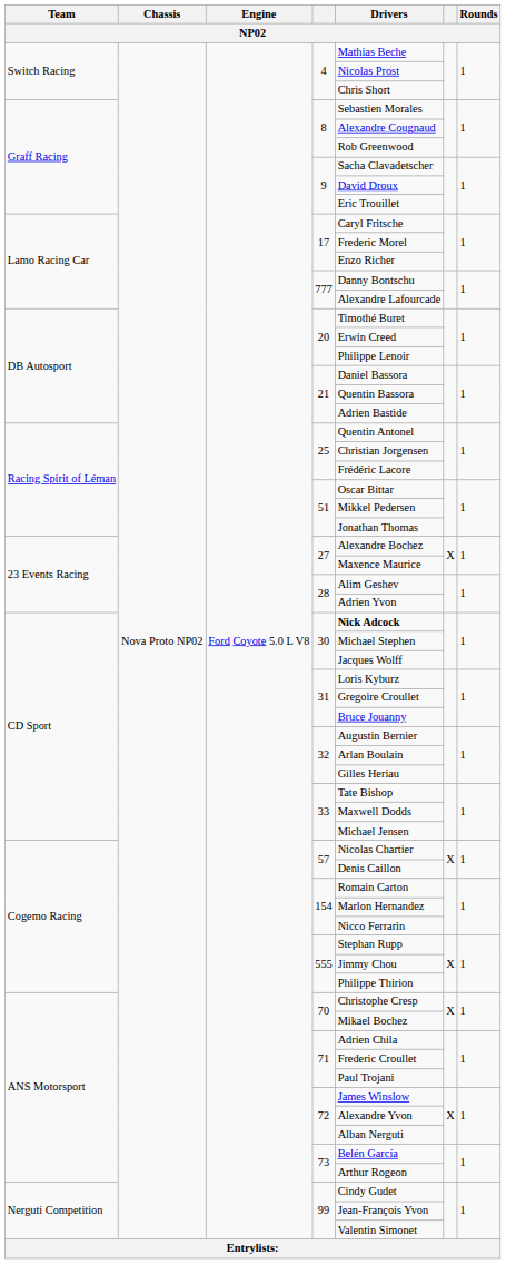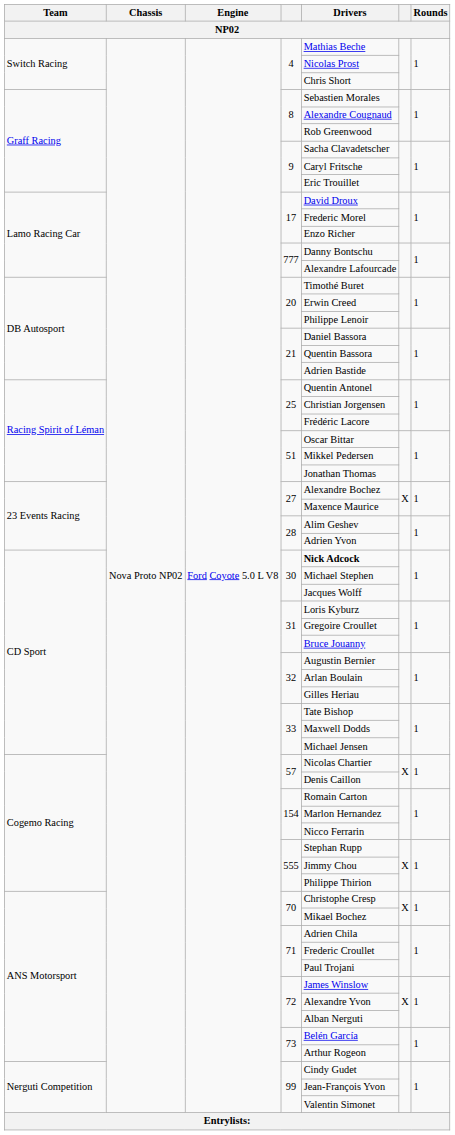 <table class="wikitable" style="font-size: 85%;">
 <tr>
 <th>Team</th>
 <th>Chassis</th>
 <th>Engine</th>
 <th></th>
 <th>Drivers</th>
 <th></th>
 <th>Rounds</th>
 </tr>
 <tr>
 <th colspan=7>NP02</th>
 </tr>
 <tr>
 <td rowspan=3> Switch Racing</td>
 <td rowspan=63>Nova Proto NP02</td>
 <td rowspan=63><a href='#'>Ford</a> <a href='#'>Coyote</a> 5.0 L V8</td>
 <td rowspan=3 align=center>4</td>
 <td> <a href='#'>Mathias Beche</a></td>
 <td rowspan=3></td>
 <td rowspan=3>1</td>
 </tr>
 <tr>
 <td> <a href='#'>Nicolas Prost</a></td>
 </tr>
 <tr>
 <td> Chris Short</td>
 </tr>
 <tr>
 <td rowspan=6> <a href='#'>Graff Racing</a></td>
 <td rowspan=3 align=center>8</td>
 <td> Sebastien Morales</td>
 <td rowspan=3></td>
 <td rowspan=3>1</td>
 </tr>
 <tr>
 <td> <a href='#'>Alexandre Cougnaud</a></td>
 </tr>
 <tr>
 <td> Rob Greenwood</td>
 </tr>
 <tr>
 <td rowspan=3 align=center>9</td>
 <td> Sacha Clavadetscher</td>
 <td rowspan=3></td>
 <td rowspan=3>1</td>
 </tr>
 <tr>
-<td> <a href='#'>David Droux</a></td>
+<td> Caryl Fritsche</td>
 </tr>
 <tr>
 <td> Eric Trouillet</td>
 </tr>
 <tr>
 <td rowspan=5> Lamo Racing Car</td>
 <td rowspan=3 align=center>17</td>
-<td> Caryl Fritsche</td>
+<td> <a href='#'>David Droux</a></td>
 <td rowspan=3></td>
 <td rowspan=3>1</td>
 </tr>
 <tr>
 <td> Frederic Morel</td>
 </tr>
 <tr>
 <td> Enzo Richer</td>
 </tr>
 <tr>
 <td rowspan=2 align=center>777</td>
 <td> Danny Bontschu</td>
 <td rowspan=2></td>
 <td rowspan=2>1</td>
 </tr>
 <tr>
 <td> Alexandre Lafourcade</td>
 </tr>
 <tr>
 <td rowspan=6> DB Autosport</td>
 <td rowspan=3 align=center>20</td>
 <td> Timothé Buret</td>
 <td rowspan=3></td>
 <td rowspan=3>1</td>
 </tr>
 <tr>
 <td> Erwin Creed</td>
 </tr>
 <tr>
 <td> Philippe Lenoir</td>
 </tr>
 <tr>
 <td rowspan=3 align=center>21</td>
 <td> Daniel Bassora</td>
 <td rowspan=3></td>
 <td rowspan=3>1</td>
 </tr>
 <tr>
 <td> Quentin Bassora</td>
 </tr>
 <tr>
 <td> Adrien Bastide</td>
 </tr>
 <tr>
 <td rowspan=6> <a href='#'>Racing Spirit of Léman</a></td>
 <td rowspan=3 align=center>25</td>
 <td> Quentin Antonel</td>
 <td rowspan=3></td>
 <td rowspan=3>1</td>
 </tr>
 <tr>
 <td> Christian Jorgensen</td>
 </tr>
 <tr>
 <td> Frédéric Lacore</td>
 </tr>
 <tr>
 <td rowspan=3 align=center>51</td>
 <td> Oscar Bittar</td>
 <td rowspan=3></td>
 <td rowspan=3>1</td>
 </tr>
 <tr>
 <td> Mikkel Pedersen</td>
 </tr>
 <tr>
 <td> Jonathan Thomas</td>
 </tr>
 <tr>
 <td rowspan=4> 23 Events Racing</td>
 <td rowspan=2 align=center>27</td>
 <td> Alexandre Bochez</td>
 <td rowspan=2 align=center>X</td>
 <td rowspan=2>1</td>
 </tr>
 <tr>
 <td> Maxence Maurice</td>
 </tr>
 <tr>
 <td rowspan=2 align=center>28</td>
 <td> Alim Geshev</td>
 <td rowspan=2></td>
 <td rowspan=2>1</td>
 </tr>
 <tr>
 <td> Adrien Yvon</td>
 </tr>
 <tr>
 <td rowspan=12> CD Sport</td>
 <td rowspan=3 align=center>30</td>
 <td><strong> Nick Adcock</strong></td>
 <td rowspan=3></td>
 <td rowspan=3>1</td>
 </tr>
 <tr>
 <td> Michael Stephen</td>
 </tr>
 <tr>
 <td> Jacques Wolff</td>
 </tr>
 <tr>
 <td rowspan=3 align=center>31</td>
 <td> Loris Kyburz</td>
 <td rowspan=3></td>
 <td rowspan=3>1</td>
 </tr>
 <tr>
 <td> Gregoire Croullet</td>
 </tr>
 <tr>
 <td> <a href='#'>Bruce Jouanny</a></td>
 </tr>
 <tr>
 <td rowspan=3 align=center>32</td>
 <td> Augustin Bernier</td>
 <td rowspan=3></td>
 <td rowspan=3>1</td>
 </tr>
 <tr>
 <td> Arlan Boulain</td>
 </tr>
 <tr>
 <td> Gilles Heriau</td>
 </tr>
 <tr>
 <td rowspan=3 align=center>33</td>
 <td> Tate Bishop</td>
 <td rowspan=3></td>
 <td rowspan=3>1</td>
 </tr>
 <tr>
 <td> Maxwell Dodds</td>
 </tr>
 <tr>
 <td> Michael Jensen</td>
 </tr>
 <tr>
 <td rowspan=8> Cogemo Racing</td>
 <td rowspan=2 align=center>57</td>
 <td> Nicolas Chartier</td>
 <td rowspan=2 align=center>X</td>
 <td rowspan=2>1</td>
 </tr>
 <tr>
 <td> Denis Caillon</td>
 </tr>
 <tr>
 <td rowspan=3 align=center>154</td>
 <td> Romain Carton</td>
 <td rowspan=3></td>
 <td rowspan=3>1</td>
 </tr>
 <tr>
 <td> Marlon Hernandez</td>
 </tr>
 <tr>
 <td> Nicco Ferrarin</td>
 </tr>
 <tr>
 <td rowspan=3 align=center>555</td>
 <td> Stephan Rupp</td>
 <td rowspan=3 align=center>X</td>
 <td rowspan=3>1</td>
 </tr>
 <tr>
 <td> Jimmy Chou</td>
 </tr>
 <tr>
 <td> Philippe Thirion</td>
 </tr>
 <tr>
 <td rowspan=10> ANS Motorsport</td>
 <td rowspan=2 align=center>70</td>
 <td> Christophe Cresp</td>
 <td rowspan=2 align=center>X</td>
 <td rowspan=2>1</td>
 </tr>
 <tr>
 <td> Mikael Bochez</td>
 </tr>
 <tr>
 <td rowspan=3 align=center>71</td>
 <td> Adrien Chila</td>
 <td rowspan=3></td>
 <td rowspan=3>1</td>
 </tr>
 <tr>
 <td> Frederic Croullet</td>
 </tr>
 <tr>
 <td> Paul Trojani</td>
 </tr>
 <tr>
 <td rowspan=3 align=center>72</td>
 <td> <a href='#'>James Winslow</a></td>
 <td rowspan=3 align=center>X</td>
 <td rowspan=3>1</td>
 </tr>
 <tr>
 <td> Alexandre Yvon</td>
 </tr>
 <tr>
 <td> Alban Nerguti</td>
 </tr>
 <tr>
 <td rowspan=2 align=center>73</td>
 <td> <a href='#'>Belén García</a></td>
 <td rowspan=2></td>
 <td rowspan=2>1</td>
 </tr>
 <tr>
 <td> Arthur Rogeon</td>
 </tr>
 <tr>
 <td rowspan=3> Nerguti Competition</td>
 <td rowspan=3 align=center>99</td>
 <td> Cindy Gudet</td>
 <td rowspan=3></td>
 <td rowspan=3>1</td>
 </tr>
 <tr>
 <td> Jean-François Yvon</td>
 </tr>
 <tr>
 <td> Valentin Simonet</td>
 </tr>
 <tr>
 <th colspan=7><strong>Entrylists</strong>: </th>
 </tr>
 </table>
